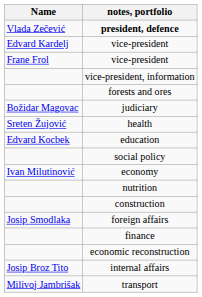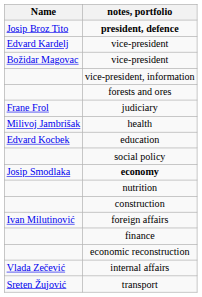 <table class="plainrowheaders wikitable" style="cellspacing=2px; text-align:left;">
 <tr style="font-size:100%; text-align:left;">
 <th>Name</th>
 <th>notes, portfolio</th>
 </tr>
 <tr>
-<td><a href='#'>Vlada Zečević</a></td>
+<td><a href='#'>Josip Broz Tito</a></td>
 <td align=center><strong>president, defence</strong></td>
 </tr>
 <tr>
 <td><a href='#'>Edvard Kardelj</a></td>
 <td align=center>vice-president</td>
 </tr>
 <tr>
-<td><a href='#'>Frane Frol</a></td>
+<td><a href='#'>Božidar Magovac</a></td>
 <td align=center>vice-president</td>
 </tr>
 <tr>
 <td></td>
 <td align=center>vice-president, information</td>
 </tr>
 <tr>
 <td></td>
 <td align=center>forests and ores</td>
 </tr>
 <tr>
-<td><a href='#'>Božidar Magovac</a></td>
+<td><a href='#'>Frane Frol</a></td>
 <td align=center>judiciary</td>
 </tr>
 <tr>
-<td><a href='#'>Sreten Žujović</a></td>
+<td><a href='#'>Milivoj Jambrišak</a></td>
 <td align=center>health</td>
 </tr>
 <tr>
 <td><a href='#'>Edvard Kocbek</a></td>
 <td align=center>education</td>
 </tr>
 <tr>
 <td></td>
 <td align=center>social policy</td>
 </tr>
 <tr>
-<td><a href='#'>Ivan Milutinović</a></td>
-<td align=center>economy</td>
+<td><a href='#'>Josip Smodlaka</a></td>
+<td align=center><strong>economy</strong></td>
 </tr>
 <tr>
 <td></td>
 <td align=center>nutrition</td>
 </tr>
 <tr>
 <td></td>
 <td align=center>construction</td>
 </tr>
 <tr>
-<td><a href='#'>Josip Smodlaka</a></td>
+<td><a href='#'>Ivan Milutinović</a></td>
 <td align=center>foreign affairs</td>
 </tr>
 <tr>
 <td></td>
 <td align=center>finance</td>
 </tr>
 <tr>
 <td></td>
 <td align=center>economic reconstruction</td>
 </tr>
 <tr>
-<td><a href='#'>Josip Broz Tito</a></td>
+<td><a href='#'>Vlada Zečević</a></td>
 <td align=center>internal affairs</td>
 </tr>
 <tr>
-<td><a href='#'>Milivoj Jambrišak</a></td>
+<td><a href='#'>Sreten Žujović</a></td>
 <td align=center>transport</td>
 </tr>
 </table>
